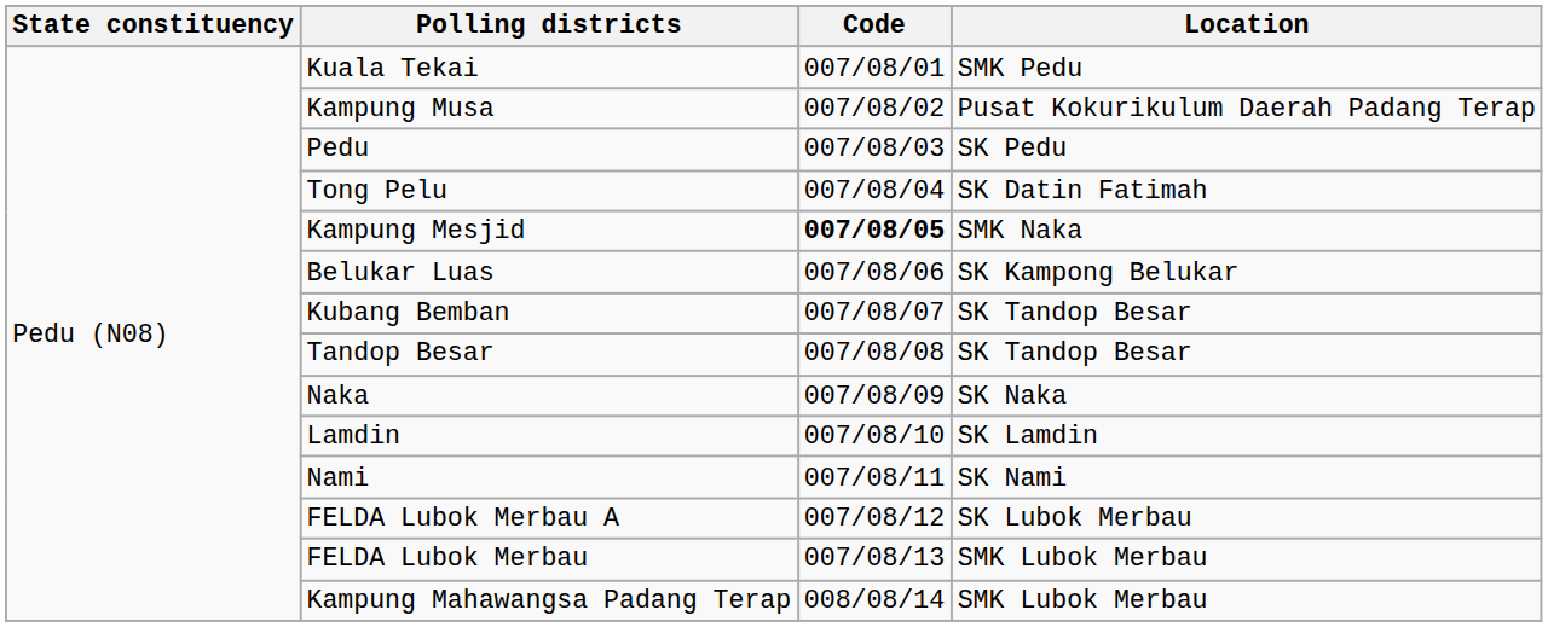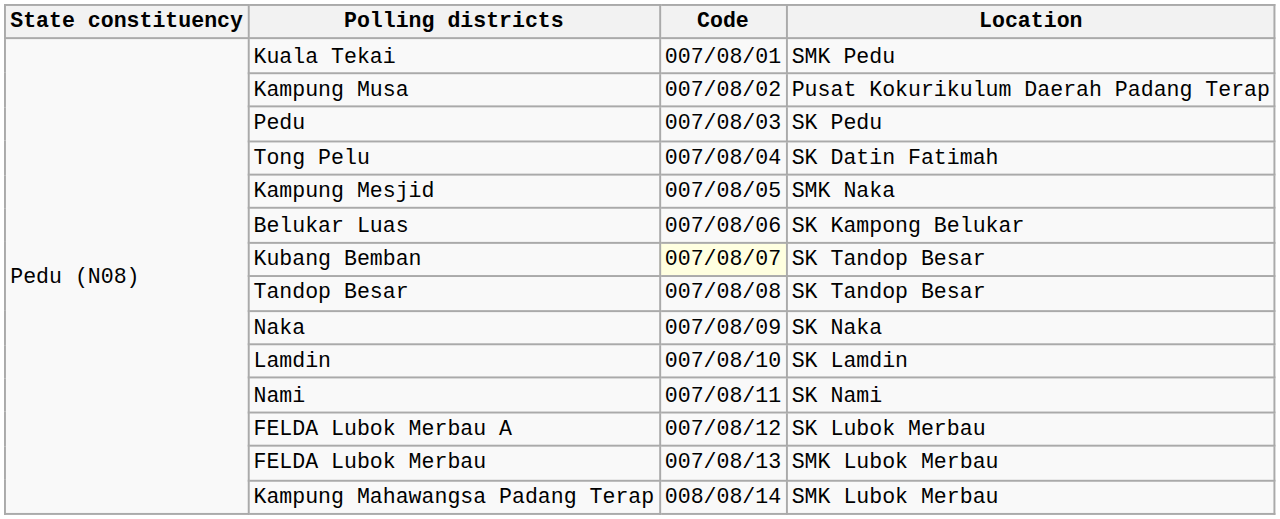 <table class="wikitable sortable mw-collapsible" style="white-space:nowrap;font-size:85%">
 <tr>
 <th>State constituency</th>
 <th>Polling districts</th>
 <th>Code</th>
 <th>Location</th>
 </tr>
 <tr>
 <td rowspan="14">Pedu (N08)</td>
 <td>Kuala Tekai</td>
 <td>007/08/01</td>
 <td>SMK Pedu</td>
 </tr>
 <tr>
 <td>Kampung Musa</td>
 <td>007/08/02</td>
 <td>Pusat Kokurikulum Daerah Padang Terap</td>
 </tr>
 <tr>
 <td>Pedu</td>
 <td>007/08/03</td>
 <td>SK Pedu</td>
 </tr>
 <tr>
 <td>Tong Pelu</td>
 <td>007/08/04</td>
 <td>SK Datin Fatimah</td>
 </tr>
 <tr>
 <td>Kampung Mesjid</td>
-<td><strong>007/08/05</strong></td>
+<td>007/08/05</td>
 <td>SMK Naka</td>
 </tr>
 <tr>
 <td>Belukar Luas</td>
 <td>007/08/06</td>
 <td>SK Kampong Belukar</td>
 </tr>
 <tr>
 <td>Kubang Bemban</td>
-<td>007/08/07</td>
+<td style="background: lightyellow;">007/08/07</td>
 <td>SK Tandop Besar</td>
 </tr>
 <tr>
 <td>Tandop Besar</td>
 <td>007/08/08</td>
 <td>SK Tandop Besar</td>
 </tr>
 <tr>
 <td>Naka</td>
 <td>007/08/09</td>
 <td>SK Naka</td>
 </tr>
 <tr>
 <td>Lamdin</td>
 <td>007/08/10</td>
 <td>SK Lamdin</td>
 </tr>
 <tr>
 <td>Nami</td>
 <td>007/08/11</td>
 <td>SK Nami</td>
 </tr>
 <tr>
 <td>FELDA Lubok Merbau A</td>
 <td>007/08/12</td>
 <td>SK Lubok Merbau</td>
 </tr>
 <tr>
 <td>FELDA Lubok Merbau</td>
 <td>007/08/13</td>
 <td>SMK Lubok Merbau</td>
 </tr>
 <tr>
 <td>Kampung Mahawangsa Padang Terap</td>
 <td>008/08/14</td>
 <td>SMK Lubok Merbau</td>
 </tr>
 </table>
